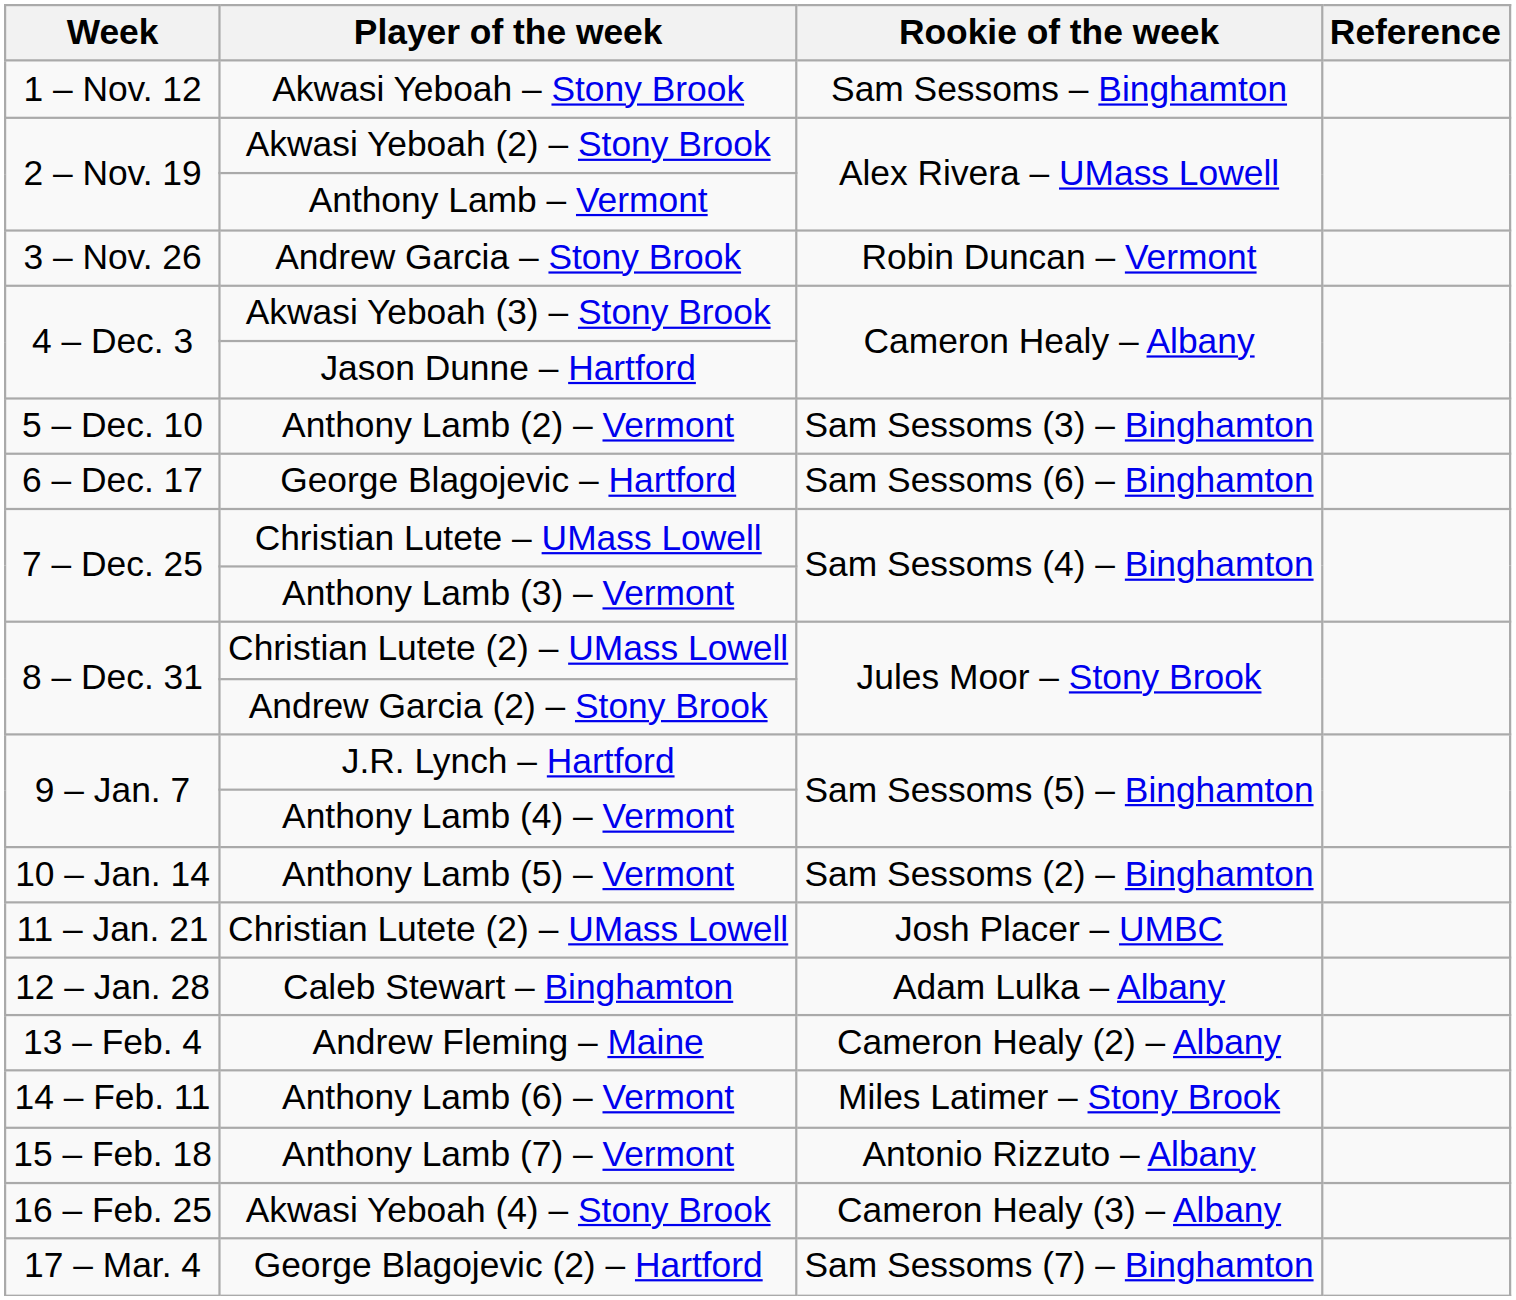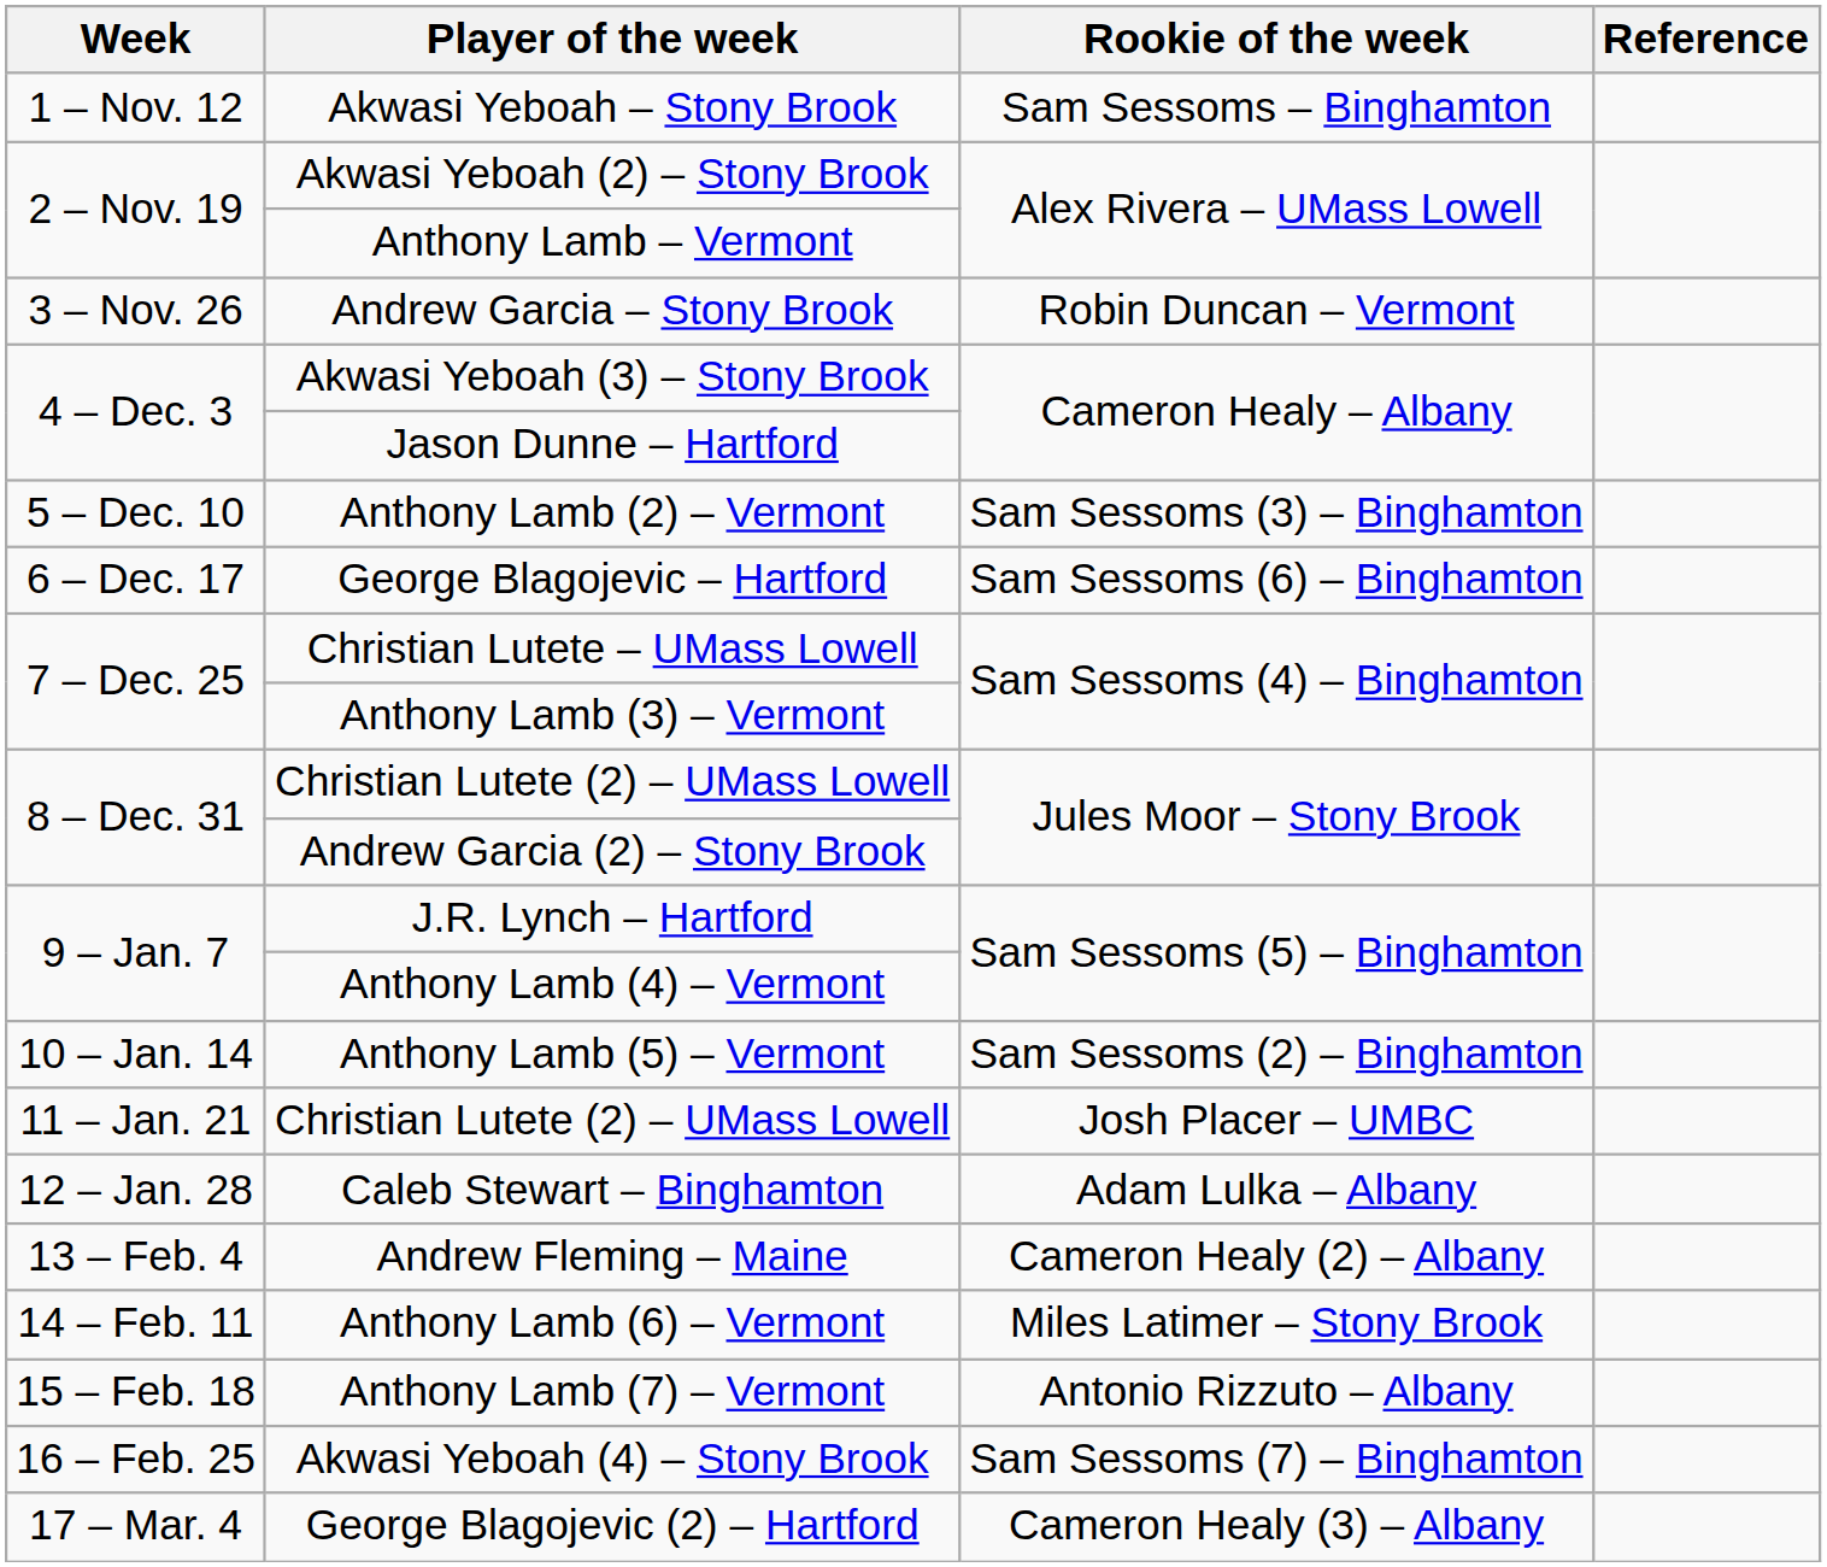 <table class="wikitable" border="1" style="text-align: center;">
 <tr>
 <th>Week</th>
 <th>Player of the week</th>
 <th>Rookie of the week</th>
 <th>Reference</th>
 </tr>
 <tr>
 <td>1 – Nov. 12</td>
 <td>Akwasi Yeboah – <a href='#'>Stony Brook</a></td>
 <td>Sam Sessoms – <a href='#'>Binghamton</a></td>
 <td></td>
 </tr>
 <tr>
 <td rowspan="2">2 – Nov. 19</td>
 <td>Akwasi Yeboah (2) – <a href='#'>Stony Brook</a></td>
 <td rowspan="2">Alex Rivera – <a href='#'>UMass Lowell</a></td>
 <td rowspan=2></td>
 </tr>
 <tr>
 <td>Anthony Lamb – <a href='#'>Vermont</a></td>
 </tr>
 <tr>
 <td>3 – Nov. 26</td>
 <td>Andrew Garcia – <a href='#'>Stony Brook</a></td>
 <td>Robin Duncan – <a href='#'>Vermont</a></td>
 <td></td>
 </tr>
 <tr>
 <td rowspan="2">4 – Dec. 3</td>
 <td>Akwasi Yeboah (3) – <a href='#'>Stony Brook</a></td>
 <td rowspan="2">Cameron Healy – <a href='#'>Albany</a></td>
 <td rowspan=2></td>
 </tr>
 <tr>
 <td>Jason Dunne – <a href='#'>Hartford</a></td>
 </tr>
 <tr>
 <td>5 – Dec. 10</td>
 <td>Anthony Lamb (2) – <a href='#'>Vermont</a></td>
 <td>Sam Sessoms (3) – <a href='#'>Binghamton</a></td>
 <td></td>
 </tr>
 <tr>
 <td>6 – Dec. 17</td>
 <td>George Blagojevic – <a href='#'>Hartford</a></td>
 <td>Sam Sessoms (6) – <a href='#'>Binghamton</a></td>
 <td></td>
 </tr>
 <tr>
 <td rowspan="2">7 – Dec. 25</td>
 <td>Christian Lutete – <a href='#'>UMass Lowell</a></td>
 <td rowspan="2">Sam Sessoms (4) – <a href='#'>Binghamton</a></td>
 <td rowspan=2></td>
 </tr>
 <tr>
 <td>Anthony Lamb (3) – <a href='#'>Vermont</a></td>
 </tr>
 <tr>
 <td rowspan="2">8 – Dec. 31</td>
 <td>Christian Lutete (2) – <a href='#'>UMass Lowell</a></td>
 <td rowspan="2">Jules Moor – <a href='#'>Stony Brook</a></td>
 <td rowspan=2></td>
 </tr>
 <tr>
 <td>Andrew Garcia (2) – <a href='#'>Stony Brook</a></td>
 </tr>
 <tr>
 <td rowspan="2">9 – Jan. 7</td>
 <td>J.R. Lynch – <a href='#'>Hartford</a></td>
 <td rowspan="2">Sam Sessoms (5) – <a href='#'>Binghamton</a></td>
 <td rowspan=2></td>
 </tr>
 <tr>
 <td>Anthony Lamb (4) – <a href='#'>Vermont</a></td>
 </tr>
 <tr>
 <td>10 – Jan. 14</td>
 <td>Anthony Lamb (5) – <a href='#'>Vermont</a></td>
 <td>Sam Sessoms (2) – <a href='#'>Binghamton</a></td>
 <td></td>
 </tr>
 <tr>
 <td>11 – Jan. 21</td>
 <td>Christian Lutete (2) – <a href='#'>UMass Lowell</a></td>
 <td>Josh Placer – <a href='#'>UMBC</a></td>
 <td></td>
 </tr>
 <tr>
 <td>12 – Jan. 28</td>
 <td>Caleb Stewart – <a href='#'>Binghamton</a></td>
 <td>Adam Lulka – <a href='#'>Albany</a></td>
 <td></td>
 </tr>
 <tr>
 <td>13 – Feb. 4</td>
 <td>Andrew Fleming – <a href='#'>Maine</a></td>
 <td>Cameron Healy (2) – <a href='#'>Albany</a></td>
 <td></td>
 </tr>
 <tr>
 <td>14 – Feb. 11</td>
 <td>Anthony Lamb (6) – <a href='#'>Vermont</a></td>
 <td>Miles Latimer – <a href='#'>Stony Brook</a></td>
 <td></td>
 </tr>
 <tr>
 <td>15 – Feb. 18</td>
 <td>Anthony Lamb (7) – <a href='#'>Vermont</a></td>
 <td>Antonio Rizzuto – <a href='#'>Albany</a></td>
 <td></td>
 </tr>
 <tr>
 <td>16 – Feb. 25</td>
 <td>Akwasi Yeboah (4) – <a href='#'>Stony Brook</a></td>
-<td>Cameron Healy (3) – <a href='#'>Albany</a></td>
+<td>Sam Sessoms (7) – <a href='#'>Binghamton</a></td>
 <td></td>
 </tr>
 <tr>
 <td>17 – Mar. 4</td>
 <td>George Blagojevic (2) – <a href='#'>Hartford</a></td>
-<td>Sam Sessoms (7) – <a href='#'>Binghamton</a></td>
+<td>Cameron Healy (3) – <a href='#'>Albany</a></td>
 <td></td>
 </tr>
 </table>
